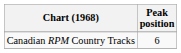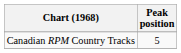 <table class="wikitable sortable">
 <tr>
 <th align="left">Chart (1968)</th>
 <th align="center">Peak<br>position</th>
 </tr>
 <tr>
 </tr>
 <tr>
 <td align="left">Canadian <em>RPM</em> Country Tracks</td>
-<td align="center">6</td>
+<td align="center">5</td>
 </tr>
 <tr>
 </tr>
 </table>
